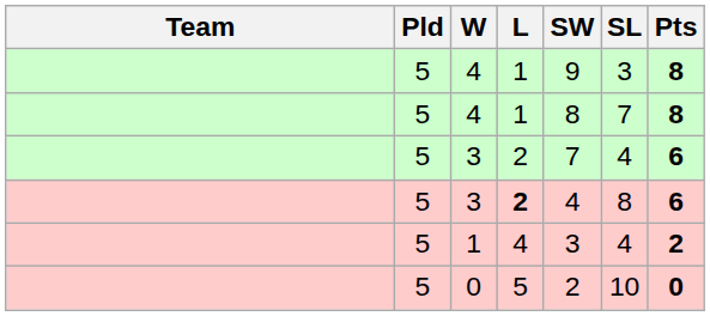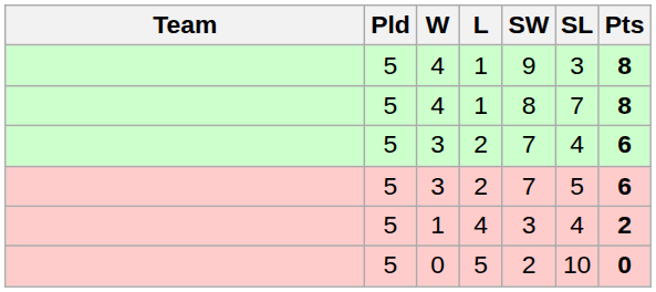 <table class=wikitable style="text-align:center">
 <tr>
 <th width=220>Team</th>
 <th width=20>Pld</th>
 <th width=20>W</th>
 <th width=20>L</th>
 <th width=20>SW</th>
 <th width=20>SL</th>
 <th width=20>Pts</th>
 </tr>
 <tr bgcolor=ccffcc>
 <td align=left></td>
 <td>5</td>
 <td>4</td>
 <td>1</td>
 <td>9</td>
 <td>3</td>
 <td><strong>8</strong></td>
 </tr>
 <tr bgcolor=ccffcc>
 <td align=left></td>
 <td>5</td>
 <td>4</td>
 <td>1</td>
 <td>8</td>
 <td>7</td>
 <td><strong>8</strong></td>
 </tr>
 <tr bgcolor=ccffcc>
 <td align=left></td>
 <td>5</td>
 <td>3</td>
 <td>2</td>
 <td>7</td>
 <td>4</td>
 <td><strong>6</strong></td>
 </tr>
 <tr bgcolor=ffcccc>
 <td align=left></td>
 <td>5</td>
 <td>3</td>
-<td><strong>2</strong></td>
-<td>4</td>
-<td>8</td>
+<td>2</td>
+<td>7</td>
+<td>5</td>
 <td><strong>6</strong></td>
 </tr>
 <tr bgcolor=ffcccc>
 <td align=left></td>
 <td>5</td>
 <td>1</td>
 <td>4</td>
 <td>3</td>
 <td>4</td>
 <td><strong>2</strong></td>
 </tr>
 <tr bgcolor=ffcccc>
 <td align=left></td>
 <td>5</td>
 <td>0</td>
 <td>5</td>
 <td>2</td>
 <td>10</td>
 <td><strong>0</strong></td>
 </tr>
 </table>
